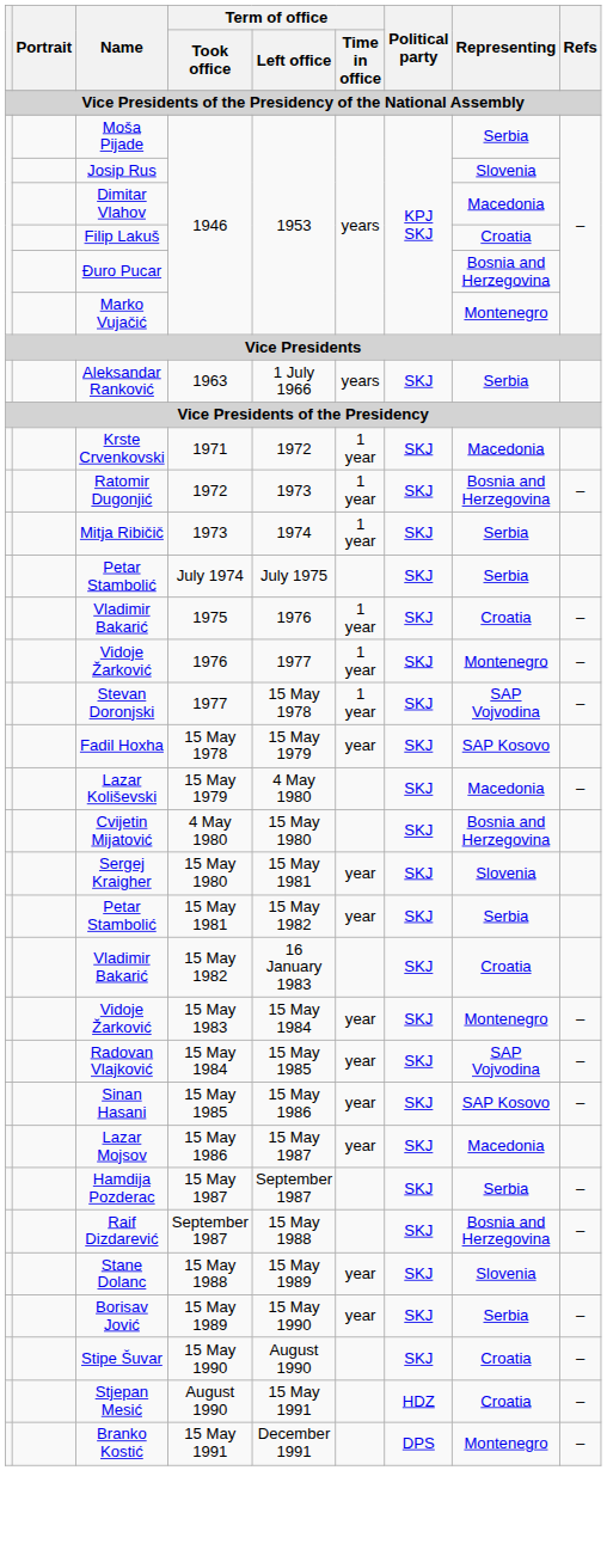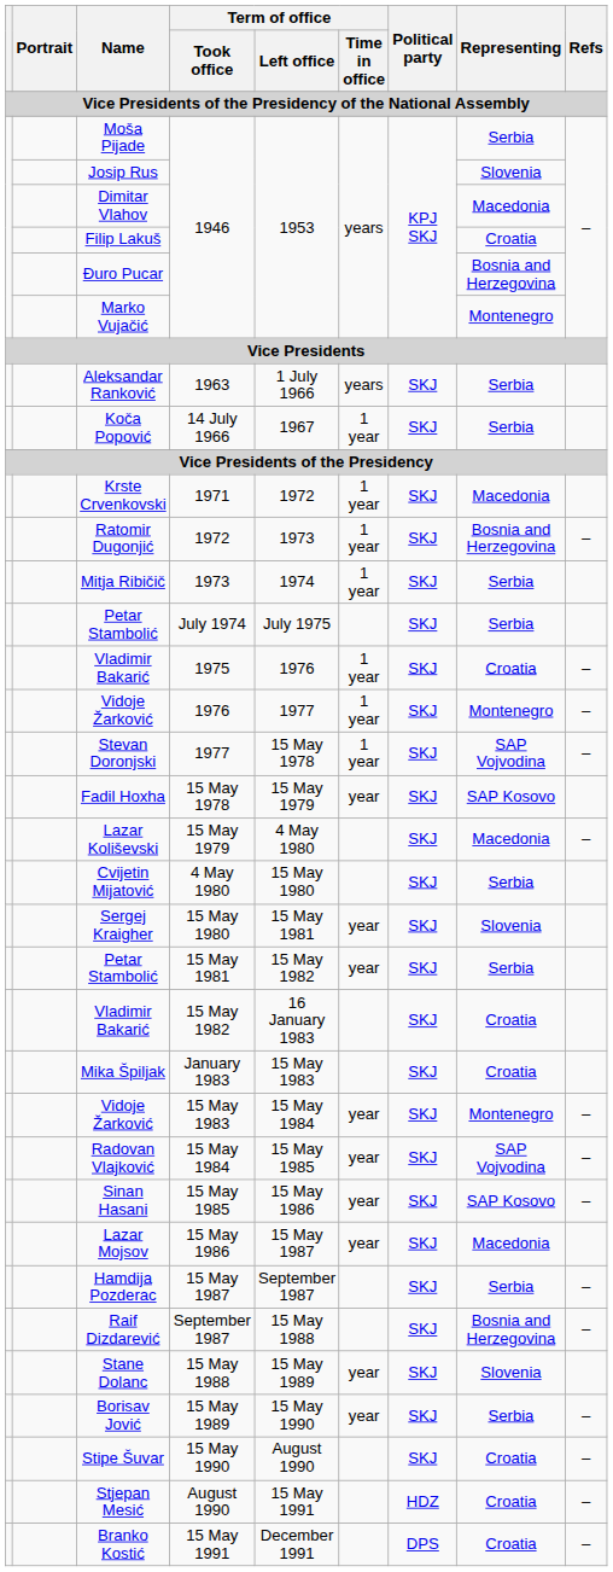 <table class="wikitable" style="text-align:center">
 <tr>
 <th rowspan=2></th>
 <th rowspan=2>Portrait</th>
 <th rowspan=2 width=180>Name<br></th>
 <th colspan=3>Term of office</th>
 <th rowspan=2>Political party</th>
 <th rowspan=2>Representing</th>
 <th rowspan=2>Refs</th>
 </tr>
 <tr>
 <th>Took office</th>
 <th>Left office</th>
 <th>Time in office</th>
 </tr>
 <tr>
 <td colspan="9" bgcolor="lightgrey"><strong>Vice Presidents of the Presidency of the National Assembly</strong></td>
 </tr>
 <tr>
 <td rowspan="6" style="background:"></td>
 <td></td>
 <td><a href='#'>Moša Pijade</a><br></td>
 <td rowspan="6">1946</td>
 <td rowspan="6">1953</td>
 <td rowspan="6"> years</td>
 <td rowspan="6"><a href='#'>KPJ</a><br><a href='#'>SKJ</a></td>
 <td><a href='#'>Serbia</a></td>
 <td rowspan="6">–</td>
 </tr>
 <tr>
 <td></td>
 <td><a href='#'>Josip Rus</a><br></td>
 <td><a href='#'>Slovenia</a></td>
 </tr>
 <tr>
 <td></td>
 <td><a href='#'>Dimitar Vlahov</a><br></td>
 <td><a href='#'>Macedonia</a></td>
 </tr>
 <tr>
 <td></td>
 <td><a href='#'>Filip Lakuš</a><br></td>
 <td><a href='#'>Croatia</a></td>
 </tr>
 <tr>
 <td></td>
 <td><a href='#'>Đuro Pucar</a><br></td>
 <td><a href='#'>Bosnia and Herzegovina</a></td>
 </tr>
 <tr>
 <td></td>
 <td><a href='#'>Marko Vujačić</a><br></td>
 <td><a href='#'>Montenegro</a></td>
 </tr>
 <tr>
 <td colspan="9" bgcolor="lightgrey"><strong>Vice Presidents</strong></td>
 </tr>
 <tr>
 <td style="background:"></td>
 <td></td>
 <td><a href='#'>Aleksandar Ranković</a><br></td>
 <td>1963</td>
 <td>1 July 1966</td>
 <td> years</td>
+<td><a href='#'>SKJ</a></td>
+<td><a href='#'>Serbia</a></td>
+<td></td>
+</tr>
+<tr>
+<td style="background:"></td>
+<td></td>
+<td><a href='#'>Koča Popović</a><br></td>
+<td>14 July 1966</td>
+<td>1967</td>
+<td>1 year</td>
 <td><a href='#'>SKJ</a></td>
 <td><a href='#'>Serbia</a></td>
 <td></td>
 </tr>
 <tr>
 <td colspan="9" bgcolor="lightgrey"><strong>Vice Presidents of the Presidency</strong></td>
 </tr>
 <tr>
 <td style="background:"></td>
 <td></td>
 <td><a href='#'>Krste Crvenkovski</a><br></td>
 <td>1971</td>
 <td>1972</td>
 <td>1 year</td>
 <td><a href='#'>SKJ</a></td>
 <td><a href='#'>Macedonia</a></td>
 <td></td>
 </tr>
 <tr>
 <td style="background:"></td>
 <td></td>
 <td><a href='#'>Ratomir Dugonjić</a><br></td>
 <td>1972</td>
 <td>1973</td>
 <td>1 year</td>
 <td><a href='#'>SKJ</a></td>
 <td><a href='#'>Bosnia and Herzegovina</a></td>
 <td>–</td>
 </tr>
 <tr>
 <td style="background:"></td>
 <td></td>
 <td><a href='#'>Mitja Ribičič</a><br></td>
 <td>1973</td>
 <td>1974</td>
 <td>1 year</td>
 <td><a href='#'>SKJ</a></td>
 <td><a href='#'>Serbia</a></td>
 <td></td>
 </tr>
 <tr>
 <td style="background:"></td>
 <td></td>
 <td><a href='#'>Petar Stambolić</a><br></td>
 <td>July 1974</td>
 <td>July 1975</td>
 <td></td>
 <td><a href='#'>SKJ</a></td>
 <td><a href='#'>Serbia</a></td>
 <td></td>
 </tr>
 <tr>
 <td style="background:"></td>
 <td></td>
 <td><a href='#'>Vladimir Bakarić</a><br></td>
 <td>1975</td>
 <td>1976</td>
 <td>1 year</td>
 <td><a href='#'>SKJ</a></td>
 <td><a href='#'>Croatia</a></td>
 <td>–</td>
 </tr>
 <tr>
 <td style="background:"></td>
 <td></td>
 <td><a href='#'>Vidoje Žarković</a><br></td>
 <td>1976</td>
 <td>1977</td>
 <td>1 year</td>
 <td><a href='#'>SKJ</a></td>
 <td><a href='#'>Montenegro</a></td>
 <td>–</td>
 </tr>
 <tr>
 <td style="background:"></td>
 <td></td>
 <td><a href='#'>Stevan Doronjski</a><br></td>
 <td>1977</td>
 <td>15 May 1978</td>
 <td>1 year</td>
 <td><a href='#'>SKJ</a></td>
 <td><a href='#'>SAP Vojvodina</a></td>
 <td>–</td>
 </tr>
 <tr>
 <td style="background:"></td>
 <td></td>
 <td><a href='#'>Fadil Hoxha</a><br></td>
 <td>15 May 1978</td>
 <td>15 May 1979</td>
 <td> year</td>
 <td><a href='#'>SKJ</a></td>
 <td><a href='#'>SAP Kosovo</a></td>
 <td></td>
 </tr>
 <tr>
 <td style="background:"></td>
 <td></td>
 <td><a href='#'>Lazar Koliševski</a><br></td>
 <td>15 May 1979</td>
 <td>4 May 1980</td>
 <td></td>
 <td><a href='#'>SKJ</a></td>
 <td><a href='#'>Macedonia</a></td>
 <td>–</td>
 </tr>
 <tr>
 <td style="background:"></td>
 <td></td>
 <td><a href='#'>Cvijetin Mijatović</a><br></td>
 <td>4 May 1980</td>
 <td>15 May 1980</td>
 <td></td>
 <td><a href='#'>SKJ</a></td>
-<td><a href='#'>Bosnia and Herzegovina</a></td>
+<td><a href='#'>Serbia</a></td>
 <td></td>
 </tr>
 <tr>
 <td style="background:"></td>
 <td></td>
 <td><a href='#'>Sergej Kraigher</a><br></td>
 <td>15 May 1980</td>
 <td>15 May 1981</td>
 <td> year</td>
 <td><a href='#'>SKJ</a></td>
 <td><a href='#'>Slovenia</a></td>
 <td></td>
 </tr>
 <tr>
 <td style="background:"></td>
 <td></td>
 <td><a href='#'>Petar Stambolić</a><br></td>
 <td>15 May 1981</td>
 <td>15 May 1982</td>
 <td> year</td>
 <td><a href='#'>SKJ</a></td>
 <td><a href='#'>Serbia</a></td>
 <td></td>
 </tr>
 <tr>
 <td style="background:"></td>
 <td></td>
 <td><a href='#'>Vladimir Bakarić</a><br></td>
 <td>15 May 1982</td>
 <td>16 January 1983</td>
+<td></td>
+<td><a href='#'>SKJ</a></td>
+<td><a href='#'>Croatia</a></td>
+<td></td>
+</tr>
+<tr>
+<td style="background:"></td>
+<td></td>
+<td><a href='#'>Mika Špiljak</a><br></td>
+<td>January 1983</td>
+<td>15 May 1983</td>
 <td></td>
 <td><a href='#'>SKJ</a></td>
 <td><a href='#'>Croatia</a></td>
 <td></td>
 </tr>
 <tr>
 <td style="background:"></td>
 <td></td>
 <td><a href='#'>Vidoje Žarković</a><br></td>
 <td>15 May 1983</td>
 <td>15 May 1984</td>
 <td> year</td>
 <td><a href='#'>SKJ</a></td>
 <td><a href='#'>Montenegro</a></td>
 <td>–</td>
 </tr>
 <tr>
 <td style="background:"></td>
 <td></td>
 <td><a href='#'>Radovan Vlajković</a><br></td>
 <td>15 May 1984</td>
 <td>15 May 1985</td>
 <td> year</td>
 <td><a href='#'>SKJ</a></td>
 <td><a href='#'>SAP Vojvodina</a></td>
 <td>–</td>
 </tr>
 <tr>
 <td style="background:"></td>
 <td></td>
 <td><a href='#'>Sinan Hasani</a><br></td>
 <td>15 May 1985</td>
 <td>15 May 1986</td>
 <td> year</td>
 <td><a href='#'>SKJ</a></td>
 <td><a href='#'>SAP Kosovo</a></td>
 <td>–</td>
 </tr>
 <tr>
 <td style="background:"></td>
 <td></td>
 <td><a href='#'>Lazar Mojsov</a><br></td>
 <td>15 May 1986</td>
 <td>15 May 1987</td>
 <td> year</td>
 <td><a href='#'>SKJ</a></td>
 <td><a href='#'>Macedonia</a></td>
 <td></td>
 </tr>
 <tr>
 <td style="background:"></td>
 <td></td>
 <td><a href='#'>Hamdija Pozderac</a><br></td>
 <td>15 May 1987</td>
 <td>September 1987</td>
 <td></td>
 <td><a href='#'>SKJ</a></td>
 <td><a href='#'>Serbia</a></td>
 <td>–</td>
 </tr>
 <tr>
 <td style="background:"></td>
 <td></td>
 <td><a href='#'>Raif Dizdarević</a><br></td>
 <td>September 1987</td>
 <td>15 May 1988</td>
 <td></td>
 <td><a href='#'>SKJ</a></td>
 <td><a href='#'>Bosnia and Herzegovina</a></td>
 <td>–</td>
 </tr>
 <tr>
 <td style="background:"></td>
 <td></td>
 <td><a href='#'>Stane Dolanc</a><br></td>
 <td>15 May 1988</td>
 <td>15 May 1989</td>
 <td> year</td>
 <td><a href='#'>SKJ</a></td>
 <td><a href='#'>Slovenia</a></td>
 <td></td>
 </tr>
 <tr>
 <td style="background:"></td>
 <td></td>
 <td><a href='#'>Borisav Jović</a><br></td>
 <td>15 May 1989</td>
 <td>15 May 1990</td>
 <td> year</td>
 <td><a href='#'>SKJ</a></td>
 <td><a href='#'>Serbia</a></td>
 <td>–</td>
 </tr>
 <tr>
 <td style="background:"></td>
 <td></td>
 <td><a href='#'>Stipe Šuvar</a><br></td>
 <td>15 May 1990</td>
 <td>August 1990</td>
 <td></td>
 <td><a href='#'>SKJ</a></td>
 <td><a href='#'>Croatia</a></td>
 <td>–</td>
 </tr>
 <tr>
 <td style="background:"></td>
 <td></td>
 <td><a href='#'>Stjepan Mesić</a><br></td>
 <td>August 1990</td>
 <td>15 May 1991</td>
 <td></td>
 <td><a href='#'>HDZ</a></td>
 <td><a href='#'>Croatia</a></td>
 <td>–</td>
 </tr>
 <tr>
 <td style="background:"></td>
 <td></td>
 <td><a href='#'>Branko Kostić</a><br></td>
 <td>15 May 1991</td>
 <td>December 1991</td>
 <td></td>
 <td><a href='#'>DPS</a></td>
-<td><a href='#'>Montenegro</a></td>
+<td><a href='#'>Croatia</a></td>
 <td>–</td>
 </tr>
 </table>
